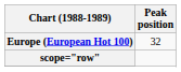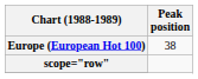 <table class="wikitable sortable plainrowheaders">
 <tr>
 <th>Chart (1988-1989)</th>
 <th>Peak<br>position</th>
 </tr>
 <tr>
 <th scope="row">Europe (<a href='#'>European Hot 100</a>)</th>
-<td align="center">32</td>
+<td align="center">38</td>
 </tr>
 <tr>
 <th>scope="row"</th>
 </tr>
 <tr>
 </tr>
 </table>
